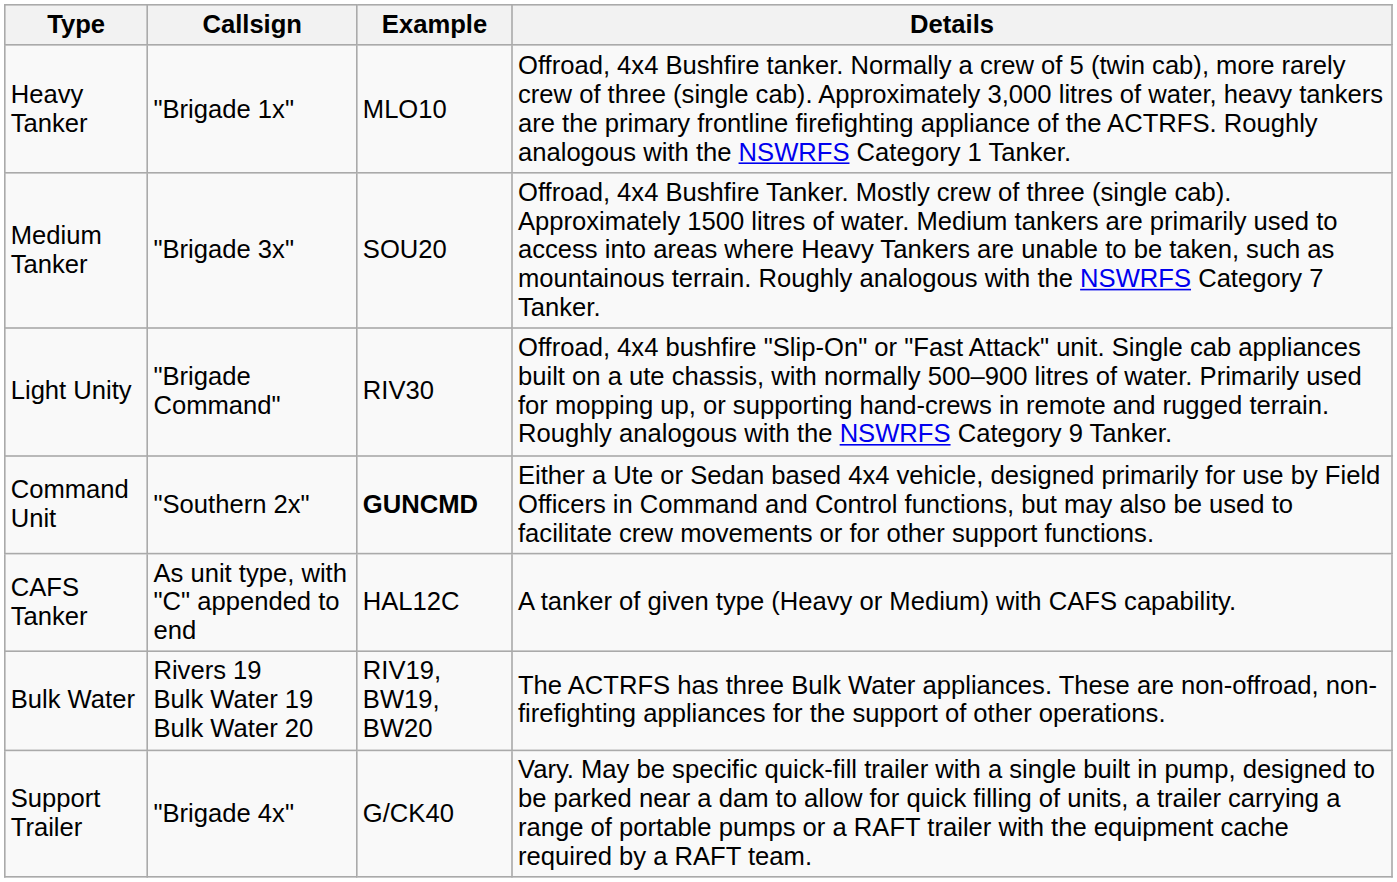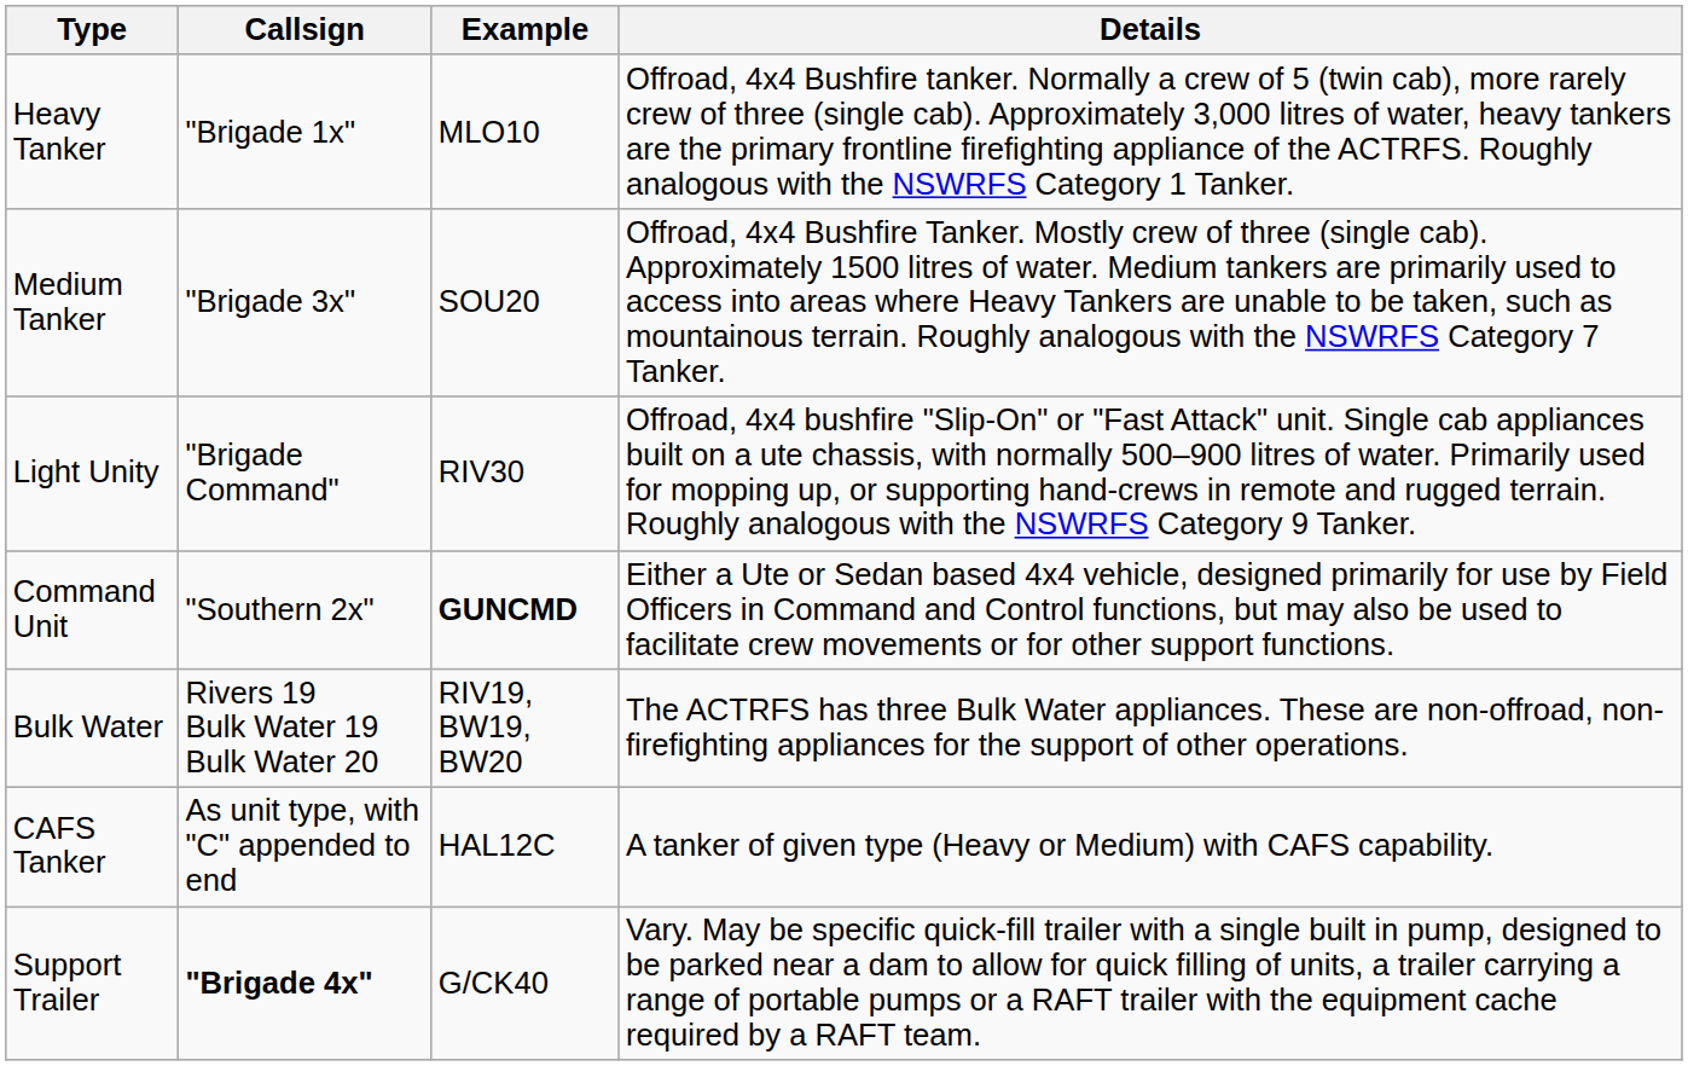 <table class="wikitable">
 <tr>
 <th>Type</th>
 <th>Callsign</th>
 <th>Example</th>
 <th>Details</th>
 </tr>
 <tr>
 <td>Heavy Tanker</td>
 <td>"Brigade 1x"</td>
 <td>MLO10</td>
 <td>Offroad, 4x4 Bushfire tanker. Normally a crew of 5 (twin cab), more rarely crew of three (single cab). Approximately 3,000 litres of water, heavy tankers are the primary frontline firefighting appliance of the ACTRFS. Roughly analogous with the <a href='#'>NSWRFS</a> Category 1 Tanker.</td>
 </tr>
 <tr>
 <td>Medium Tanker</td>
 <td>"Brigade 3x"</td>
 <td>SOU20</td>
 <td>Offroad, 4x4 Bushfire Tanker. Mostly crew of three (single cab). Approximately 1500 litres of water. Medium tankers are primarily used to access into areas where Heavy Tankers are unable to be taken, such as mountainous terrain. Roughly analogous with the <a href='#'>NSWRFS</a> Category 7 Tanker.</td>
 </tr>
 <tr>
 <td>Light Unity</td>
 <td>"Brigade Command"</td>
 <td>RIV30</td>
 <td>Offroad, 4x4 bushfire "Slip-On" or "Fast Attack" unit. Single cab appliances built on a ute chassis, with normally 500–900 litres of water. Primarily used for mopping up, or supporting hand-crews in remote and rugged terrain. Roughly analogous with the <a href='#'>NSWRFS</a> Category 9 Tanker.</td>
 </tr>
 <tr>
 <td>Command Unit</td>
 <td>"Southern 2x"</td>
 <td><strong>GUNCMD</strong></td>
 <td>Either a Ute or Sedan based 4x4 vehicle, designed primarily for use by Field Officers in Command and Control functions, but may also be used to facilitate crew movements or for other support functions.</td>
 </tr>
 <tr>
+<td>Bulk Water</td>
+<td>Rivers 19<br>Bulk Water 19 Bulk Water 20</td>
+<td>RIV19, BW19, BW20</td>
+<td>The ACTRFS has three Bulk Water appliances. These are non-offroad, non-firefighting appliances for the support of other operations.</td>
+</tr>
+<tr>
 <td>CAFS Tanker</td>
 <td>As unit type, with "C" appended to end</td>
 <td>HAL12C</td>
 <td>A tanker of given type (Heavy or Medium) with CAFS capability.</td>
 </tr>
 <tr>
-<td>Bulk Water</td>
-<td>Rivers 19<br>Bulk Water 19 Bulk Water 20</td>
-<td>RIV19, BW19, BW20</td>
-<td>The ACTRFS has three Bulk Water appliances. These are non-offroad, non-firefighting appliances for the support of other operations.</td>
-</tr>
-<tr>
 <td>Support Trailer</td>
-<td>"Brigade 4x"</td>
+<td><strong>"Brigade 4x"</strong></td>
 <td>G/CK40</td>
 <td>Vary. May be specific quick-fill trailer with a single built in pump, designed to be parked near a dam to allow for quick filling of units, a trailer carrying a range of portable pumps or a RAFT trailer with the equipment cache required by a RAFT team.</td>
 </tr>
 </table>
